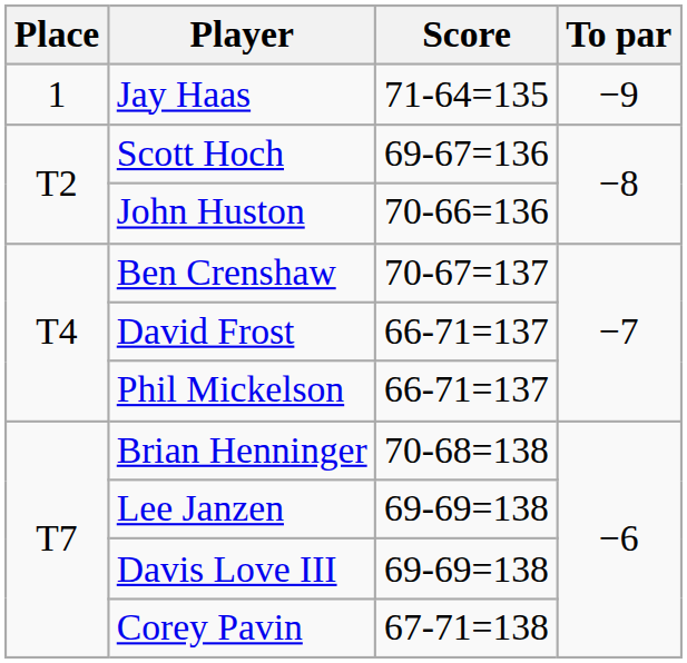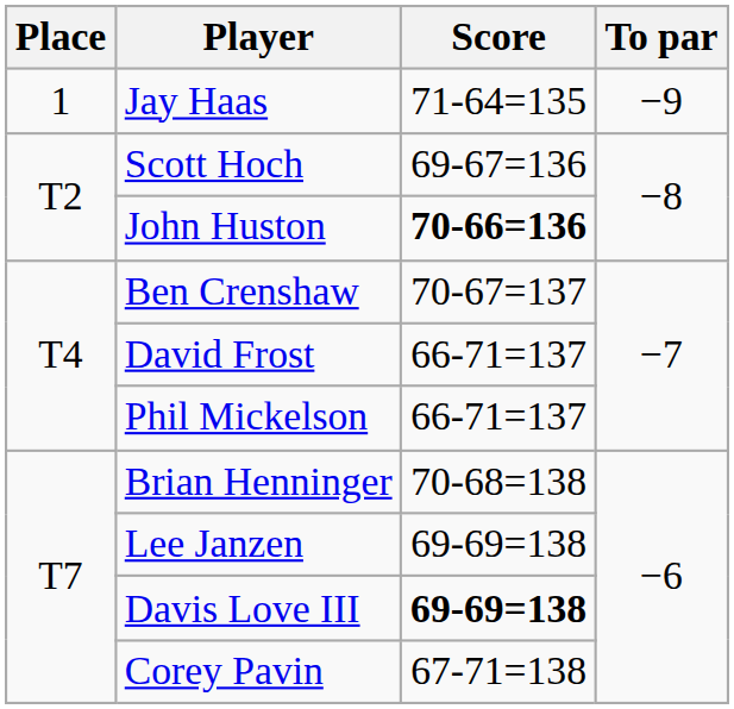 <table class="wikitable">
 <tr>
 <th>Place</th>
 <th>Player</th>
 <th>Score</th>
 <th>To par</th>
 </tr>
 <tr>
 <td align=center>1</td>
 <td> <a href='#'>Jay Haas</a></td>
 <td align=center>71-64=135</td>
 <td align=center>−9</td>
 </tr>
 <tr>
 <td rowspan="2" align=center>T2</td>
 <td> <a href='#'>Scott Hoch</a></td>
 <td align=center>69-67=136</td>
 <td rowspan="2" align=center>−8</td>
 </tr>
 <tr>
 <td> <a href='#'>John Huston</a></td>
-<td align=center>70-66=136</td>
+<td align=center><strong>70-66=136</strong></td>
 </tr>
 <tr>
 <td rowspan="3" align=center>T4</td>
 <td> <a href='#'>Ben Crenshaw</a></td>
 <td align=center>70-67=137</td>
 <td rowspan="3" align=center>−7</td>
 </tr>
 <tr>
 <td> <a href='#'>David Frost</a></td>
 <td align=center>66-71=137</td>
 </tr>
 <tr>
 <td> <a href='#'>Phil Mickelson</a></td>
 <td align=center>66-71=137</td>
 </tr>
 <tr>
 <td rowspan="4" align=center>T7</td>
 <td> <a href='#'>Brian Henninger</a></td>
 <td align=center>70-68=138</td>
 <td rowspan="4" align=center>−6</td>
 </tr>
 <tr>
 <td> <a href='#'>Lee Janzen</a></td>
 <td align=center>69-69=138</td>
 </tr>
 <tr>
 <td> <a href='#'>Davis Love III</a></td>
-<td align=center>69-69=138</td>
+<td align=center><strong>69-69=138</strong></td>
 </tr>
 <tr>
 <td> <a href='#'>Corey Pavin</a></td>
 <td align=center>67-71=138</td>
 </tr>
 </table>
